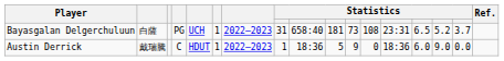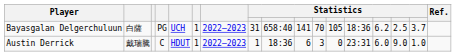 <table class="wikitable sortable" style="font-size:95%; text-align:right;">
 <tr>
 <th rowspan="2">Player</th>
 <th rowspan="2"></th>
 <th rowspan="2"></th>
 <th rowspan="2"></th>
 <th rowspan="2"></th>
 <th rowspan="2"></th>
 <th rowspan="2"></th>
 <th colspan="9">Statistics</th>
 <th rowspan="2">Ref.</th>
 </tr>
 <tr>
 <th></th>
 <th></th>
 <th></th>
 <th></th>
 <th></th>
 <th></th>
 <th></th>
 <th></th>
 <th></th>
 </tr>
 <tr>
 <td align="left">Bayasgalan Delgerchuluun</td>
 <td align="left">白薩</td>
 <td align="center"></td>
 <td align="center">PG</td>
 <td align="left"><a href='#'>UCH</a></td>
 <td align="center">1</td>
 <td align="center"><a href='#'>2022–2023</a></td>
 <td>31</td>
 <td>658:40</td>
-<td>181</td>
-<td>73</td>
-<td>108</td>
-<td>23:31</td>
-<td>6.5</td>
-<td>5.2</td>
+<td>141</td>
+<td>70</td>
+<td>105</td>
+<td>18:36</td>
+<td>6.2</td>
+<td>2.5</td>
 <td>3.7</td>
 <td align="center"></td>
 </tr>
 <tr>
 <td align="left">Austin Derrick</td>
 <td align="left">戴瑞騰</td>
 <td align="center"></td>
 <td align="center">C</td>
 <td align="left"><a href='#'>HDUT</a></td>
 <td align="center">1</td>
 <td align="center"><a href='#'>2022–2023</a></td>
 <td>1</td>
 <td>18:36</td>
-<td>5</td>
-<td>9</td>
+<td>6</td>
+<td>3</td>
 <td>0</td>
-<td>18:36</td>
+<td>23:31</td>
 <td>6.0</td>
 <td>9.0</td>
-<td>0.0</td>
+<td>1.0</td>
 <td align="center"></td>
 </tr>
 </table>
